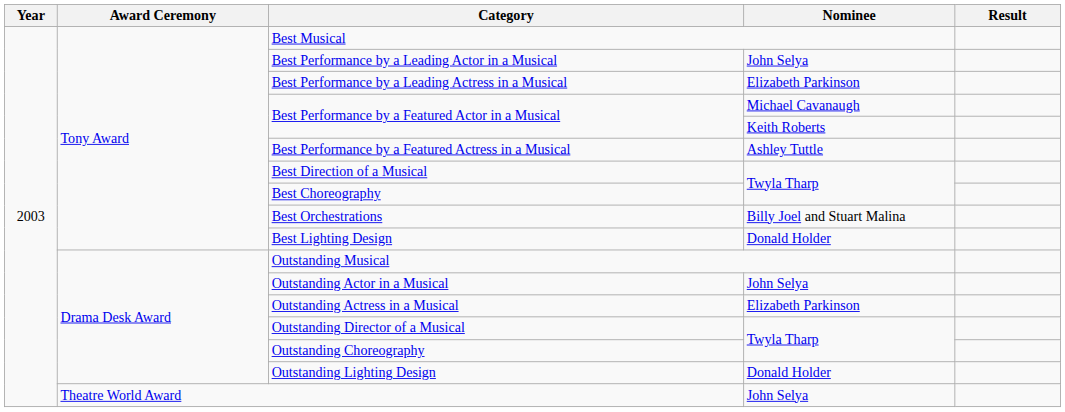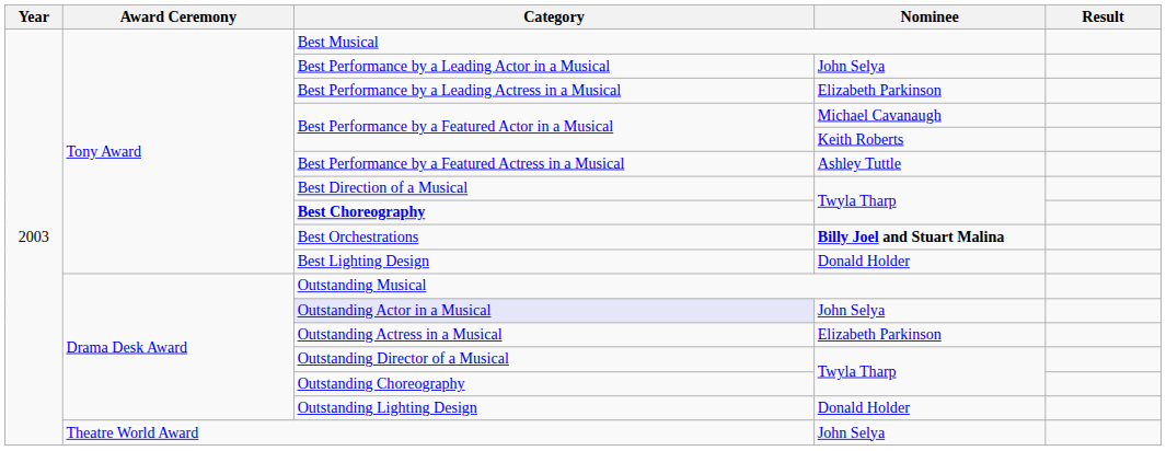 <table class="wikitable" width="95%">
 <tr>
 <th width="5%">Year</th>
 <th width="20%">Award Ceremony</th>
 <th width="45%">Category</th>
 <th width="20%">Nominee</th>
 <th width="10%">Result</th>
 </tr>
 <tr>
 <td rowspan="17" align="center">2003</td>
 <td rowspan="10"><a href='#'>Tony Award</a></td>
 <td colspan="2"><a href='#'>Best Musical</a></td>
 <td></td>
 </tr>
 <tr>
 <td><a href='#'>Best Performance by a Leading Actor in a Musical</a></td>
 <td><a href='#'>John Selya</a></td>
 <td></td>
 </tr>
 <tr>
 <td><a href='#'>Best Performance by a Leading Actress in a Musical</a></td>
 <td><a href='#'>Elizabeth Parkinson</a></td>
 <td></td>
 </tr>
 <tr>
 <td rowspan="2"><a href='#'>Best Performance by a Featured Actor in a Musical</a></td>
 <td><a href='#'>Michael Cavanaugh</a></td>
 <td></td>
 </tr>
 <tr>
 <td><a href='#'>Keith Roberts</a></td>
 <td></td>
 </tr>
 <tr>
 <td><a href='#'>Best Performance by a Featured Actress in a Musical</a></td>
 <td><a href='#'>Ashley Tuttle</a></td>
 <td></td>
 </tr>
 <tr>
 <td><a href='#'>Best Direction of a Musical</a></td>
 <td rowspan="2"><a href='#'>Twyla Tharp</a></td>
 <td></td>
 </tr>
 <tr>
-<td><a href='#'>Best Choreography</a></td>
+<td><strong><a href='#'>Best Choreography</a></strong></td>
 <td></td>
 </tr>
 <tr>
 <td><a href='#'>Best Orchestrations</a></td>
-<td><a href='#'>Billy Joel</a> and Stuart Malina</td>
+<td><strong><a href='#'>Billy Joel</a> and Stuart Malina</strong></td>
 <td></td>
 </tr>
 <tr>
 <td><a href='#'>Best Lighting Design</a></td>
 <td><a href='#'>Donald Holder</a></td>
 <td></td>
 </tr>
 <tr>
 <td rowspan="6"><a href='#'>Drama Desk Award</a></td>
 <td colspan="2"><a href='#'>Outstanding Musical</a></td>
 <td></td>
 </tr>
 <tr>
-<td><a href='#'>Outstanding Actor in a Musical</a></td>
+<td style="background: lavender;"><a href='#'>Outstanding Actor in a Musical</a></td>
 <td><a href='#'>John Selya</a></td>
 <td></td>
 </tr>
 <tr>
 <td><a href='#'>Outstanding Actress in a Musical</a></td>
 <td><a href='#'>Elizabeth Parkinson</a></td>
 <td></td>
 </tr>
 <tr>
 <td><a href='#'>Outstanding Director of a Musical</a></td>
 <td rowspan="2"><a href='#'>Twyla Tharp</a></td>
 <td></td>
 </tr>
 <tr>
 <td><a href='#'>Outstanding Choreography</a></td>
 <td></td>
 </tr>
 <tr>
 <td><a href='#'>Outstanding Lighting Design</a></td>
 <td><a href='#'>Donald Holder</a></td>
 <td></td>
 </tr>
 <tr>
 <td colspan="2"><a href='#'>Theatre World Award</a></td>
 <td><a href='#'>John Selya</a></td>
 <td></td>
 </tr>
 </table>
